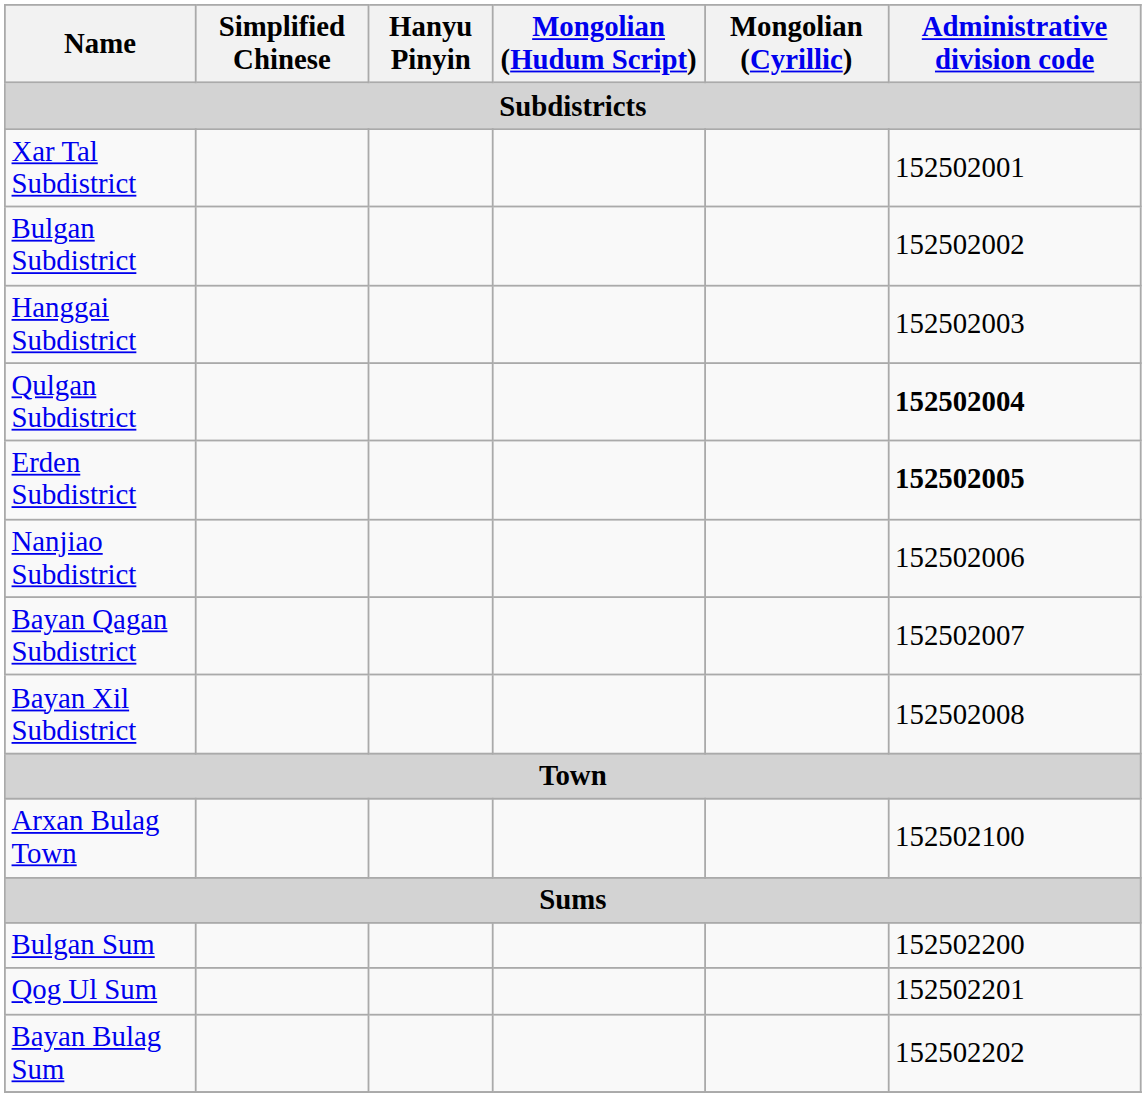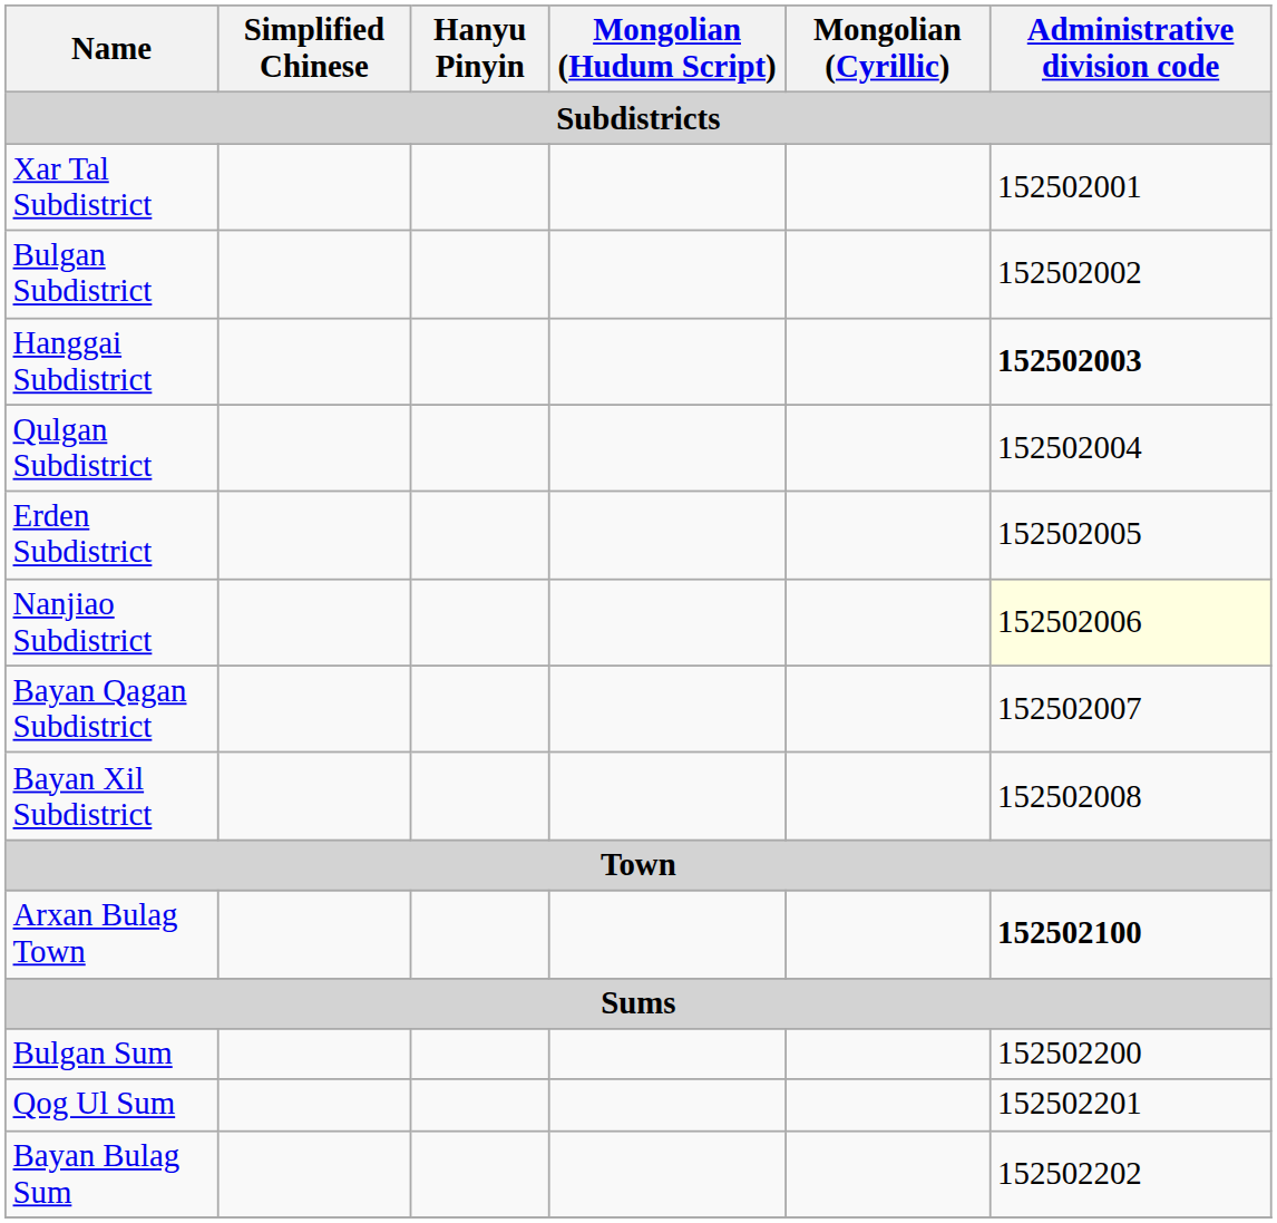 <table class="wikitable" align="center" style="width:50%; border="1">
 <tr>
 <th>Name</th>
 <th>Simplified Chinese</th>
 <th>Hanyu Pinyin</th>
 <th><a href='#'>Mongolian</a> (<a href='#'>Hudum Script</a>)</th>
 <th>Mongolian (<a href='#'>Cyrillic</a>)</th>
 <th><a href='#'>Administrative division code</a></th>
 </tr>
 <tr>
 <td colspan="6"  style="text-align:center; background:#d3d3d3;"><strong>Subdistricts</strong></td>
 </tr>
 <tr --------->
 <td><a href='#'>Xar Tal Subdistrict</a></td>
 <td></td>
 <td></td>
 <td></td>
 <td></td>
 <td>152502001</td>
 </tr>
 <tr>
 <td><a href='#'>Bulgan Subdistrict</a></td>
 <td></td>
 <td></td>
 <td></td>
 <td></td>
 <td>152502002</td>
 </tr>
 <tr>
 <td><a href='#'>Hanggai Subdistrict</a></td>
 <td></td>
 <td></td>
 <td></td>
 <td></td>
-<td>152502003</td>
+<td><strong>152502003</strong></td>
 </tr>
 <tr>
 <td><a href='#'>Qulgan Subdistrict</a></td>
 <td></td>
 <td></td>
 <td></td>
 <td></td>
-<td><strong>152502004</strong></td>
+<td>152502004</td>
 </tr>
 <tr>
 <td><a href='#'>Erden Subdistrict</a></td>
 <td></td>
 <td></td>
 <td></td>
 <td></td>
-<td><strong>152502005</strong></td>
+<td>152502005</td>
 </tr>
 <tr>
 <td><a href='#'>Nanjiao Subdistrict</a></td>
 <td></td>
 <td></td>
 <td></td>
 <td></td>
-<td>152502006</td>
+<td style="background: lightyellow;">152502006</td>
 </tr>
 <tr>
 <td><a href='#'>Bayan Qagan Subdistrict</a></td>
 <td></td>
 <td></td>
 <td></td>
 <td></td>
 <td>152502007</td>
 </tr>
 <tr>
 <td><a href='#'>Bayan Xil Subdistrict</a></td>
 <td></td>
 <td></td>
 <td></td>
 <td></td>
 <td>152502008</td>
 </tr>
 <tr>
 <td colspan="6"  style="text-align:center; background:#d3d3d3;"><strong>Town</strong></td>
 </tr>
 <tr --------->
 <td><a href='#'>Arxan Bulag Town</a></td>
 <td></td>
 <td></td>
 <td></td>
 <td></td>
-<td>152502100</td>
+<td><strong>152502100</strong></td>
 </tr>
 <tr>
 <td colspan="6"  style="text-align:center; background:#d3d3d3;"><strong>Sums</strong></td>
 </tr>
 <tr --------->
 <td><a href='#'>Bulgan Sum</a></td>
 <td></td>
 <td></td>
 <td></td>
 <td></td>
 <td>152502200</td>
 </tr>
 <tr>
 <td><a href='#'>Qog Ul Sum</a></td>
 <td></td>
 <td></td>
 <td></td>
 <td></td>
 <td>152502201</td>
 </tr>
 <tr>
 <td><a href='#'>Bayan Bulag Sum</a></td>
 <td></td>
 <td></td>
 <td></td>
 <td></td>
 <td>152502202</td>
 </tr>
 <tr>
 </tr>
 </table>
